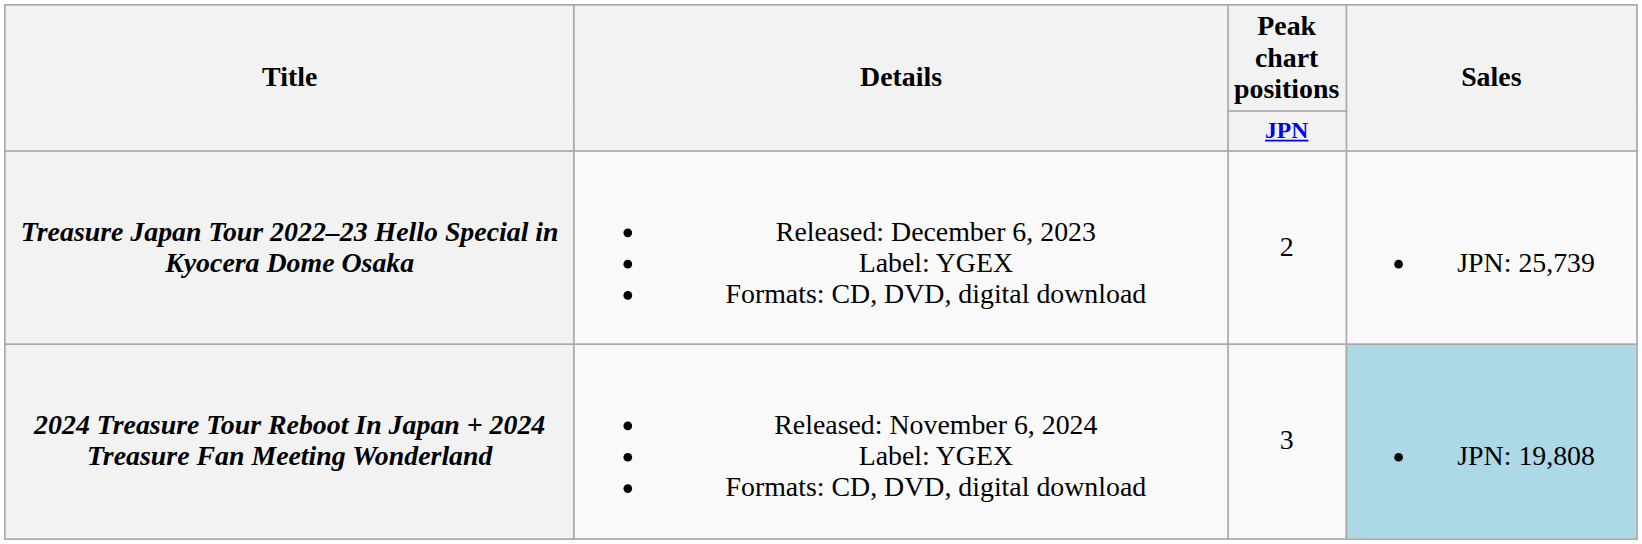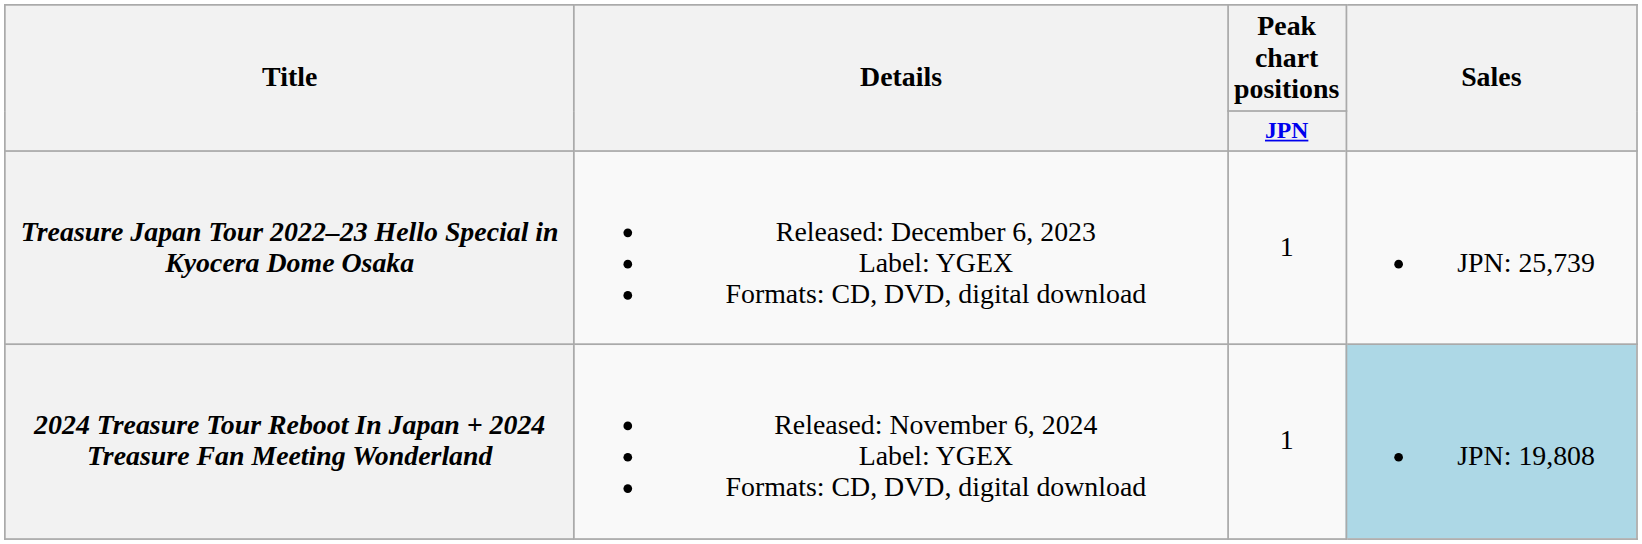 <table class="wikitable plainrowheaders" style="text-align:center;">
 <tr>
 <th scope="col" rowspan="2" style="width:20em;">Title</th>
 <th scope="col" rowspan="2" style="width:23em;">Details</th>
 <th colspan="1">Peak chart positions</th>
 <th scope="col" rowspan="2" style="width:10em;">Sales</th>
 </tr>
 <tr>
 <th scope="col" style="width:3em;font-size:85%;"><a href='#'>JPN</a><br></th>
 </tr>
 <tr>
 <th scope="row"><em>Treasure Japan Tour 2022–23 Hello Special in Kyocera Dome Osaka</em></th>
 <td><br><ul><li>Released: December 6, 2023</li><li>Label: YGEX</li><li>Formats: CD, DVD, digital download</li></ul></td>
-<td>2</td>
+<td>1</td>
 <td><br><ul><li>JPN: 25,739</li></ul></td>
 </tr>
 <tr>
 <th scope="row"><em>2024 Treasure Tour Reboot In Japan + 2024 Treasure Fan Meeting Wonderland</em></th>
 <td><br><ul><li>Released: November 6, 2024</li><li>Label: YGEX</li><li>Formats: CD, DVD, digital download</li></ul></td>
-<td>3</td>
+<td>1</td>
 <td style="background: lightblue;"><br><ul><li>JPN: 19,808</li></ul></td>
 </tr>
 </table>
